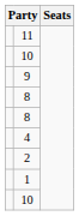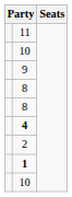 <table class="wikitable" style="font-size: 95%;">
 <tr>
 <th colspan=2>Party</th>
 <th>Seats</th>
 </tr>
 <tr>
 <td></td>
 <td align="center">11</td>
 </tr>
 <tr>
 <td></td>
 <td align="center">10</td>
 </tr>
 <tr>
 <td></td>
 <td align="center">9</td>
 </tr>
 <tr>
 <td></td>
 <td align="center">8</td>
 </tr>
 <tr>
 <td></td>
 <td align="center">8</td>
 </tr>
 <tr>
 <td></td>
-<td align="center">4</td>
+<td align="center"><strong>4</strong></td>
 </tr>
 <tr>
 <td></td>
 <td align="center">2</td>
 </tr>
 <tr>
 <td></td>
-<td align="center">1</td>
+<td align="center"><strong>1</strong></td>
 </tr>
 <tr>
 <td></td>
 <td align="center">10</td>
 </tr>
 </table>
